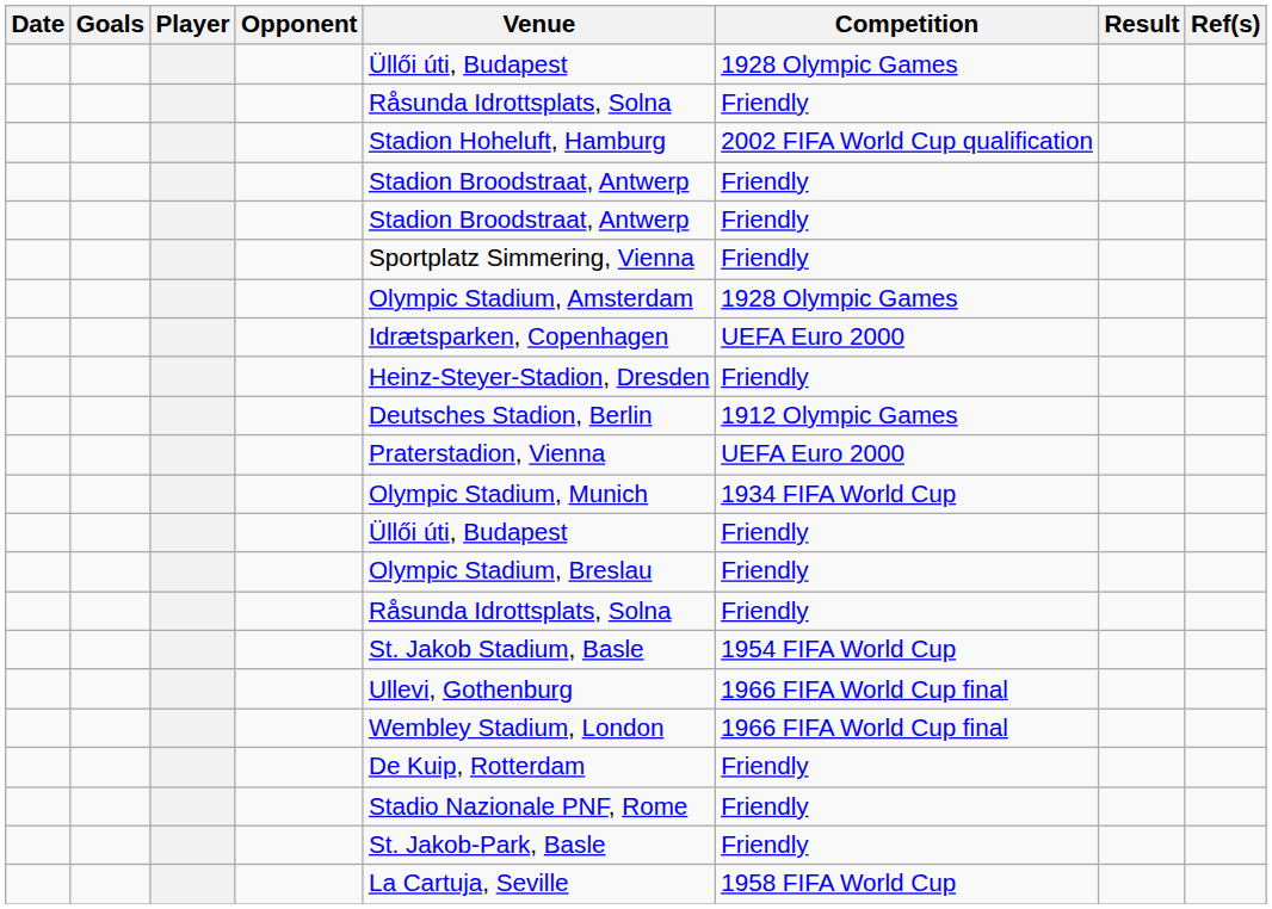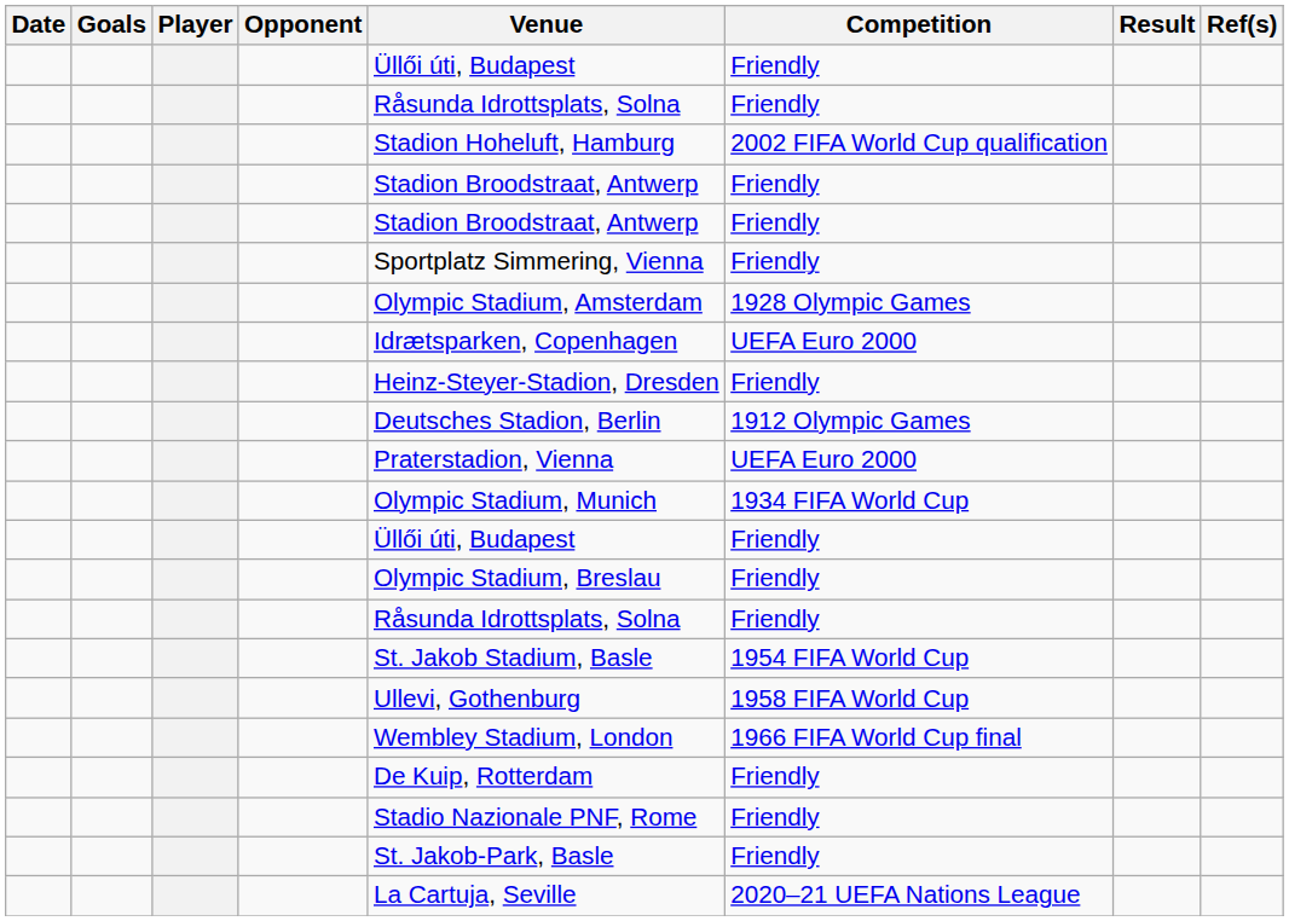 <table class="wikitable plainrowheaders sortable">
 <tr>
 <th scope="col">Date</th>
 <th scope="col">Goals</th>
 <th scope="col">Player</th>
 <th scope="col">Opponent</th>
 <th scope="col">Venue</th>
 <th scope="col">Competition</th>
 <th scope="col">Result</th>
 <th scope="col" class="unsortable">Ref(s)</th>
 </tr>
 <tr>
 <td></td>
 <td></td>
 <th scope="row"></th>
 <td></td>
 <td><a href='#'>Üllői úti</a>, <a href='#'>Budapest</a></td>
-<td><a href='#'>1928 Olympic Games</a></td>
+<td><a href='#'>Friendly</a></td>
 <td></td>
 <td></td>
 </tr>
 <tr>
 <td></td>
 <td></td>
 <th scope="row"></th>
 <td></td>
 <td><a href='#'>Råsunda Idrottsplats</a>, <a href='#'>Solna</a></td>
 <td><a href='#'>Friendly</a></td>
 <td></td>
 <td></td>
 </tr>
 <tr>
 <td></td>
 <td></td>
 <th scope="row"></th>
 <td></td>
 <td><a href='#'>Stadion Hoheluft</a>, <a href='#'>Hamburg</a></td>
 <td><a href='#'>2002 FIFA World Cup qualification</a></td>
 <td></td>
 <td></td>
 </tr>
 <tr>
 <td></td>
 <td></td>
 <th scope="row"></th>
 <td></td>
 <td><a href='#'>Stadion Broodstraat</a>, <a href='#'>Antwerp</a></td>
 <td><a href='#'>Friendly</a></td>
 <td></td>
 <td></td>
 </tr>
 <tr>
 <td></td>
 <td></td>
 <th scope="row"></th>
 <td></td>
 <td><a href='#'>Stadion Broodstraat</a>, <a href='#'>Antwerp</a></td>
 <td><a href='#'>Friendly</a></td>
 <td></td>
 <td></td>
 </tr>
 <tr>
 <td></td>
 <td></td>
 <th scope="row"></th>
 <td></td>
 <td>Sportplatz Simmering, <a href='#'>Vienna</a></td>
 <td><a href='#'>Friendly</a></td>
 <td></td>
 <td></td>
 </tr>
 <tr>
 <td></td>
 <td></td>
 <th scope="row"></th>
 <td></td>
 <td><a href='#'>Olympic Stadium</a>, <a href='#'>Amsterdam</a></td>
 <td><a href='#'>1928 Olympic Games</a></td>
 <td></td>
 <td></td>
 </tr>
 <tr>
 <td></td>
 <td></td>
 <th scope="row"></th>
 <td></td>
 <td><a href='#'>Idrætsparken</a>, <a href='#'>Copenhagen</a></td>
 <td><a href='#'>UEFA Euro 2000</a></td>
 <td></td>
 <td></td>
 </tr>
 <tr>
 <td></td>
 <td></td>
 <th scope="row"></th>
 <td></td>
 <td><a href='#'>Heinz-Steyer-Stadion</a>, <a href='#'>Dresden</a></td>
 <td><a href='#'>Friendly</a></td>
 <td></td>
 <td></td>
 </tr>
 <tr>
 <td></td>
 <td></td>
 <th scope="row"></th>
 <td></td>
 <td><a href='#'>Deutsches Stadion</a>, <a href='#'>Berlin</a></td>
 <td><a href='#'>1912 Olympic Games</a></td>
 <td></td>
 <td></td>
 </tr>
 <tr>
 <td></td>
 <td></td>
 <th scope="row"></th>
 <td></td>
 <td><a href='#'>Praterstadion</a>, <a href='#'>Vienna</a></td>
 <td><a href='#'>UEFA Euro 2000</a></td>
 <td></td>
 <td></td>
 </tr>
 <tr>
 <td></td>
 <td></td>
 <th scope="row"></th>
 <td></td>
 <td><a href='#'>Olympic Stadium</a>, <a href='#'>Munich</a></td>
 <td><a href='#'>1934 FIFA World Cup</a></td>
 <td></td>
 <td></td>
 </tr>
 <tr>
 <td></td>
 <td></td>
 <th scope="row"></th>
 <td></td>
 <td><a href='#'>Üllői úti</a>, <a href='#'>Budapest</a></td>
 <td><a href='#'>Friendly</a></td>
 <td></td>
 <td></td>
 </tr>
 <tr>
 <td></td>
 <td></td>
 <th scope="row"></th>
 <td></td>
 <td><a href='#'>Olympic Stadium</a>, <a href='#'>Breslau</a></td>
 <td><a href='#'>Friendly</a></td>
 <td></td>
 <td></td>
 </tr>
 <tr>
 <td></td>
 <td></td>
 <th scope="row"></th>
 <td></td>
 <td><a href='#'>Råsunda Idrottsplats</a>, <a href='#'>Solna</a></td>
 <td><a href='#'>Friendly</a></td>
 <td></td>
 <td></td>
 </tr>
 <tr>
 <td></td>
 <td></td>
 <th scope="row"></th>
 <td></td>
 <td><a href='#'>St. Jakob Stadium</a>, <a href='#'>Basle</a></td>
 <td><a href='#'>1954 FIFA World Cup</a></td>
 <td></td>
 <td></td>
 </tr>
 <tr>
 <td></td>
 <td></td>
 <th scope="row"></th>
 <td></td>
 <td><a href='#'>Ullevi</a>, <a href='#'>Gothenburg</a></td>
-<td><a href='#'>1966 FIFA World Cup final</a></td>
+<td><a href='#'>1958 FIFA World Cup</a></td>
 <td></td>
 <td></td>
 </tr>
 <tr>
 <td></td>
 <td></td>
 <th scope="row"></th>
 <td></td>
 <td><a href='#'>Wembley Stadium</a>, <a href='#'>London</a></td>
 <td><a href='#'>1966 FIFA World Cup final</a></td>
 <td></td>
 <td></td>
 </tr>
 <tr>
 <td></td>
 <td></td>
 <th scope="row"></th>
 <td></td>
 <td><a href='#'>De Kuip</a>, <a href='#'>Rotterdam</a></td>
 <td><a href='#'>Friendly</a></td>
 <td></td>
 <td></td>
 </tr>
 <tr>
 <td></td>
 <td></td>
 <th scope="row"></th>
 <td></td>
 <td><a href='#'>Stadio Nazionale PNF</a>, <a href='#'>Rome</a></td>
 <td><a href='#'>Friendly</a></td>
 <td></td>
 <td></td>
 </tr>
 <tr>
 <td></td>
 <td></td>
 <th scope="row"></th>
 <td></td>
 <td><a href='#'>St. Jakob-Park</a>, <a href='#'>Basle</a></td>
 <td><a href='#'>Friendly</a></td>
 <td></td>
 <td></td>
 </tr>
 <tr>
 <td></td>
 <td></td>
 <th scope="row"></th>
 <td></td>
 <td><a href='#'>La Cartuja</a>, <a href='#'>Seville</a></td>
-<td><a href='#'>1958 FIFA World Cup</a></td>
+<td><a href='#'>2020–21 UEFA Nations League</a></td>
 <td></td>
 <td></td>
 </tr>
 </table>
